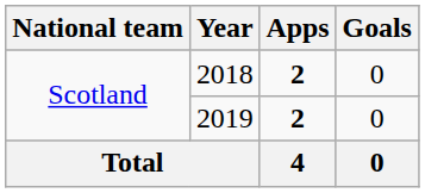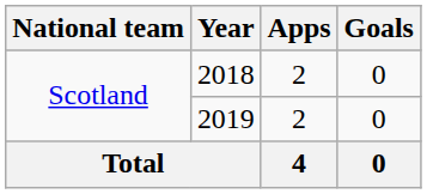 <table class=wikitable style=text-align:center>
 <tr>
 <th>National team</th>
 <th>Year</th>
 <th>Apps</th>
 <th>Goals</th>
 </tr>
 <tr>
 <td rowspan=2><a href='#'>Scotland</a></td>
 <td>2018</td>
-<td><strong>2</strong></td>
+<td>2</td>
 <td>0</td>
 </tr>
 <tr>
 <td>2019</td>
-<td><strong>2</strong></td>
+<td>2</td>
 <td>0</td>
 </tr>
 <tr>
 <th colspan=2>Total</th>
 <th>4</th>
 <th>0</th>
 </tr>
 </table>
